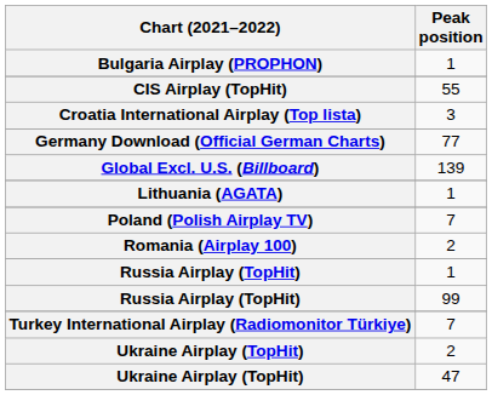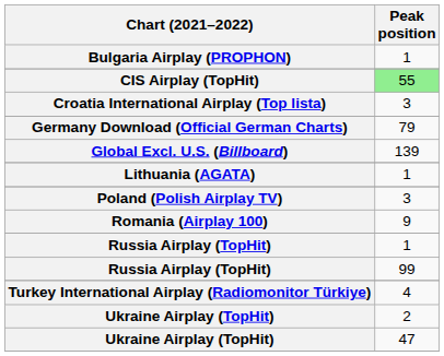 <table class="wikitable sortable plainrowheaders" style="text-align:center">
 <tr>
 <th scope="col">Chart (2021–2022)</th>
 <th scope="col">Peak<br>position</th>
 </tr>
 <tr>
 <th scope="row">Bulgaria Airplay (<a href='#'>PROPHON</a>)</th>
 <td>1</td>
 </tr>
 <tr>
 </tr>
 <tr>
 <th scope="row">CIS Airplay (TopHit)<br></th>
-<td>55</td>
+<td style="background: lightgreen;">55</td>
 </tr>
 <tr>
 <th scope="row">Croatia International Airplay (<a href='#'>Top lista</a>)</th>
 <td>3</td>
 </tr>
 <tr>
 </tr>
 <tr>
 </tr>
 <tr>
 <th scope="row">Germany Download (<a href='#'>Official German Charts</a>)</th>
-<td>77</td>
+<td>79</td>
 </tr>
 <tr>
 <th scope="row"><a href='#'>Global Excl. U.S.</a> (<em><a href='#'>Billboard</a></em>)</th>
 <td>139</td>
 </tr>
 <tr>
 </tr>
 <tr>
 </tr>
 <tr>
 </tr>
 <tr>
 </tr>
 <tr>
 <th scope="row">Lithuania (<a href='#'>AGATA</a>)</th>
 <td>1</td>
 </tr>
 <tr>
 </tr>
 <tr>
 <th scope="row">Poland (<a href='#'>Polish Airplay TV</a>)</th>
-<td>7</td>
+<td>3</td>
 </tr>
 <tr>
 <th scope="row">Romania (<a href='#'>Airplay 100</a>)</th>
-<td>2</td>
+<td>9</td>
 </tr>
 <tr>
 </tr>
 <tr>
 </tr>
 <tr>
 <th scope="row">Russia Airplay (<a href='#'>TopHit</a>)</th>
 <td>1</td>
 </tr>
 <tr>
 <th scope="row">Russia Airplay (TopHit)<br></th>
 <td>99</td>
 </tr>
 <tr>
 </tr>
 <tr>
 <th scope="row">Turkey International Airplay (<a href='#'>Radiomonitor Türkiye</a>)</th>
-<td>7</td>
+<td>4</td>
 </tr>
 <tr>
 <th scope="row">Ukraine Airplay (<a href='#'>TopHit</a>)</th>
 <td>2</td>
 </tr>
 <tr>
 <th scope="row">Ukraine Airplay (TopHit)<br></th>
 <td>47</td>
 </tr>
 <tr>
 </tr>
 </table>
